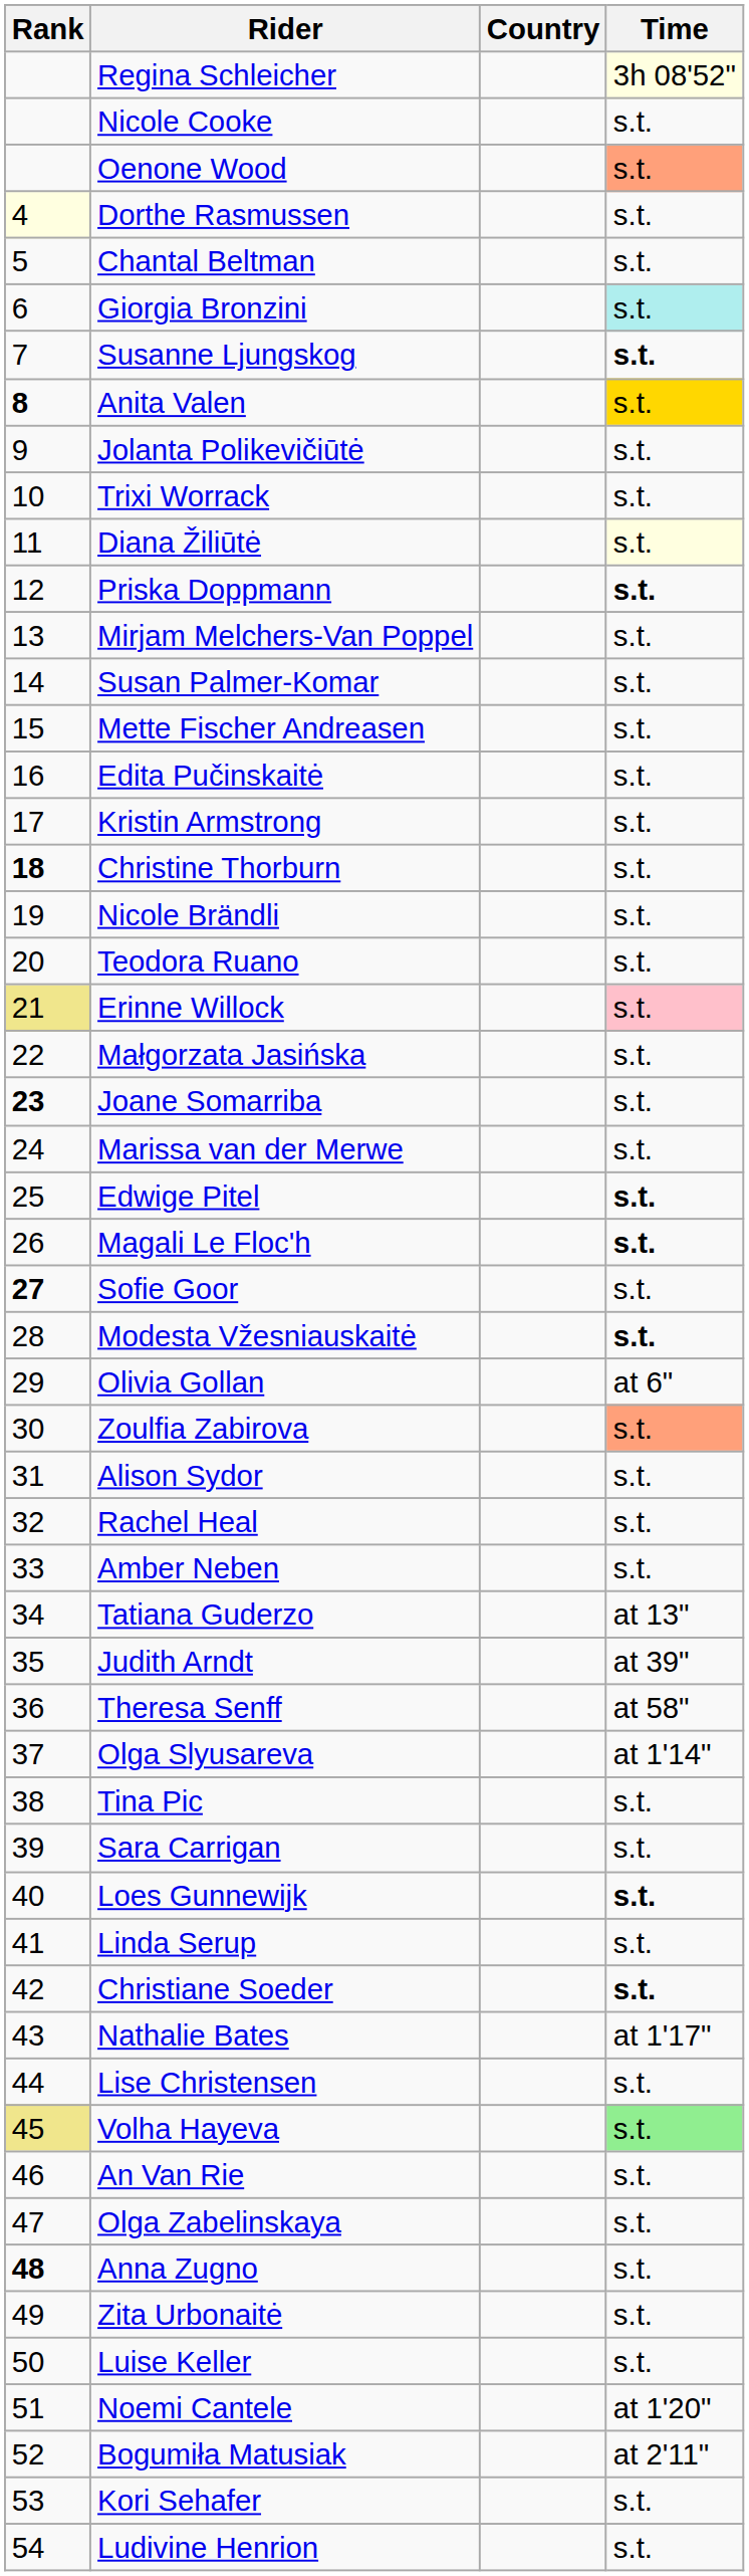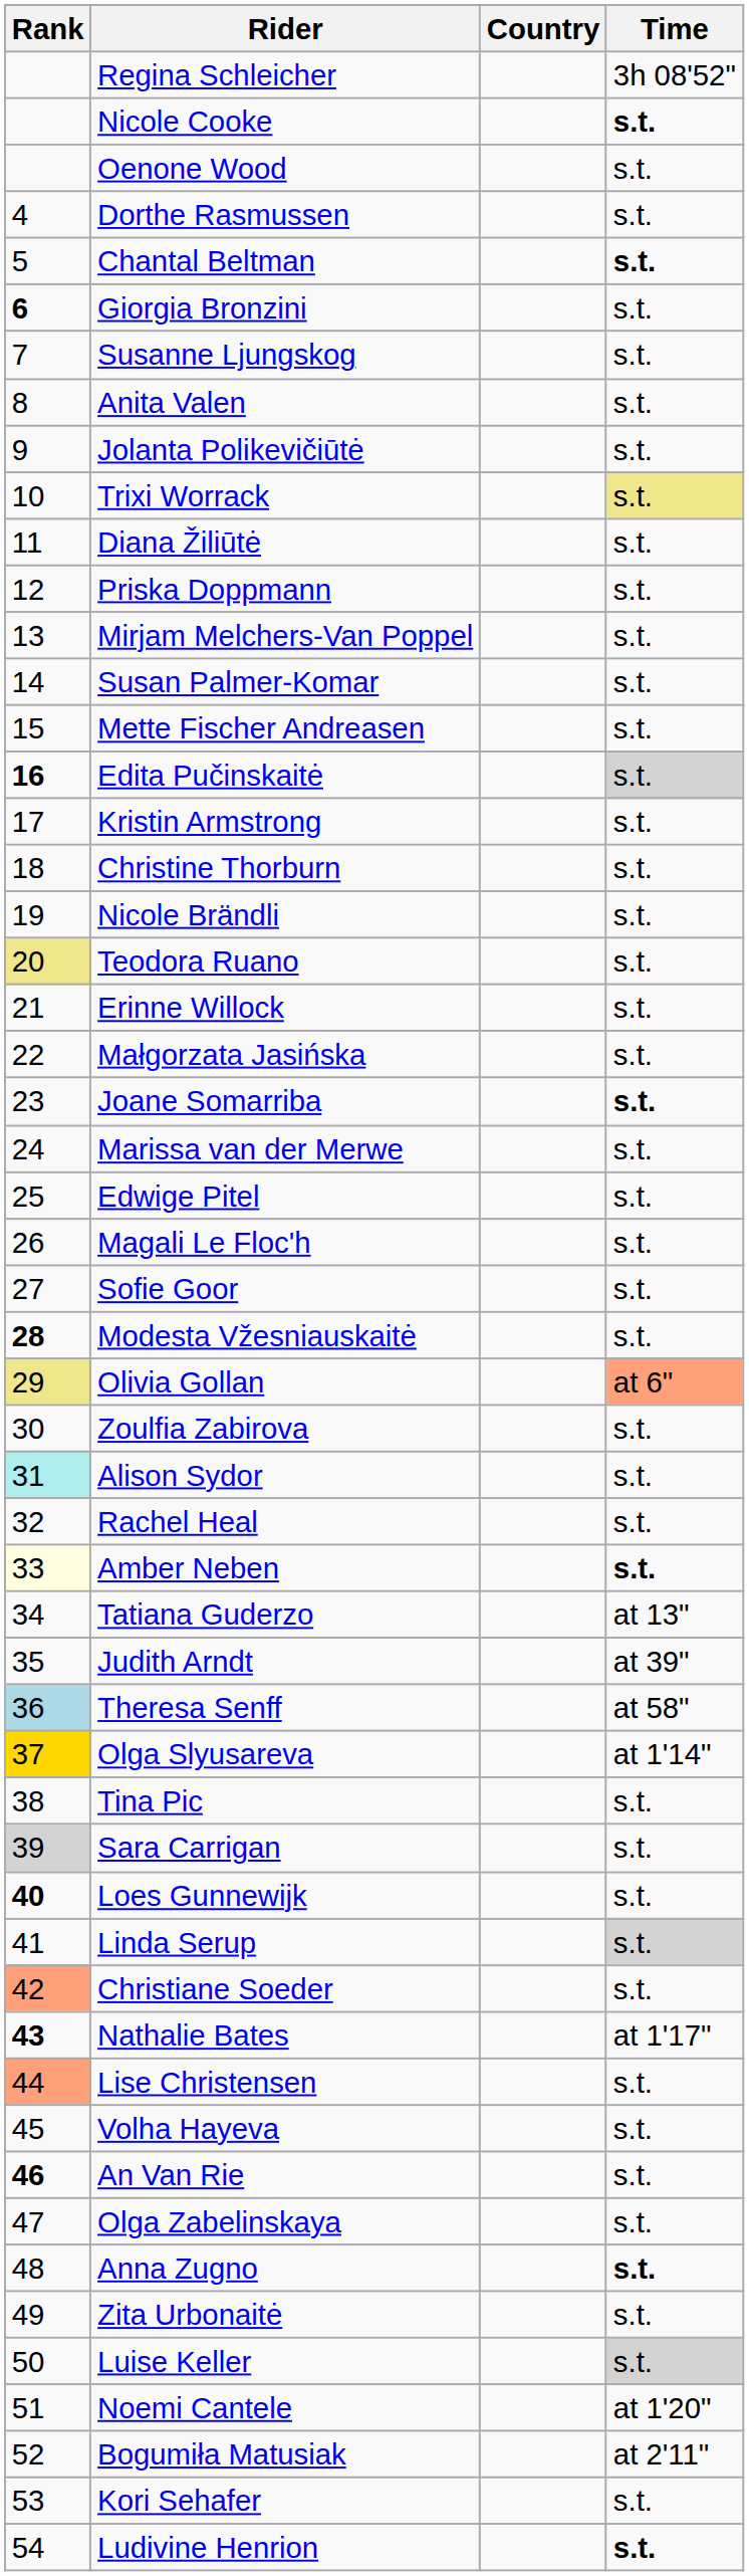 <table class="wikitable" style="font-size:95%; text-align:left;">
 <tr>
 <th>Rank</th>
 <th>Rider</th>
 <th>Country</th>
 <th>Time</th>
 </tr>
 <tr>
 <td></td>
 <td><a href='#'>Regina Schleicher</a></td>
 <td></td>
-<td style="background: lightyellow;">3h 08'52"</td>
+<td>3h 08'52"</td>
 </tr>
 <tr>
 <td></td>
 <td><a href='#'>Nicole Cooke</a></td>
 <td></td>
-<td>s.t.</td>
+<td><strong>s.t.</strong></td>
 </tr>
 <tr>
 <td></td>
 <td><a href='#'>Oenone Wood</a></td>
 <td></td>
-<td style="background: lightsalmon;">s.t.</td>
+<td>s.t.</td>
 </tr>
 <tr>
-<td style="background: lightyellow;">4</td>
+<td>4</td>
 <td><a href='#'>Dorthe Rasmussen</a></td>
 <td></td>
 <td>s.t.</td>
 </tr>
 <tr>
 <td>5</td>
 <td><a href='#'>Chantal Beltman</a></td>
 <td></td>
-<td>s.t.</td>
+<td><strong>s.t.</strong></td>
 </tr>
 <tr>
-<td>6</td>
+<td><strong>6</strong></td>
 <td><a href='#'>Giorgia Bronzini</a></td>
 <td></td>
-<td style="background: paleturquoise;">s.t.</td>
+<td>s.t.</td>
 </tr>
 <tr>
 <td>7</td>
 <td><a href='#'>Susanne Ljungskog</a></td>
 <td></td>
-<td><strong>s.t.</strong></td>
+<td>s.t.</td>
 </tr>
 <tr>
-<td><strong>8</strong></td>
+<td>8</td>
 <td><a href='#'>Anita Valen</a></td>
 <td></td>
-<td style="background: gold;">s.t.</td>
+<td>s.t.</td>
 </tr>
 <tr>
 <td>9</td>
 <td><a href='#'>Jolanta Polikevičiūtė</a></td>
 <td></td>
 <td>s.t.</td>
 </tr>
 <tr>
 <td>10</td>
 <td><a href='#'>Trixi Worrack</a></td>
 <td></td>
-<td>s.t.</td>
+<td style="background: khaki;">s.t.</td>
 </tr>
 <tr>
 <td>11</td>
 <td><a href='#'>Diana Žiliūtė</a></td>
 <td></td>
-<td style="background: lightyellow;">s.t.</td>
+<td>s.t.</td>
 </tr>
 <tr>
 <td>12</td>
 <td><a href='#'>Priska Doppmann</a></td>
 <td></td>
-<td><strong>s.t.</strong></td>
+<td>s.t.</td>
 </tr>
 <tr>
 <td>13</td>
 <td><a href='#'>Mirjam Melchers-Van Poppel</a></td>
 <td></td>
 <td>s.t.</td>
 </tr>
 <tr>
 <td>14</td>
 <td><a href='#'>Susan Palmer-Komar</a></td>
 <td></td>
 <td>s.t.</td>
 </tr>
 <tr>
 <td>15</td>
 <td><a href='#'>Mette Fischer Andreasen</a></td>
 <td></td>
 <td>s.t.</td>
 </tr>
 <tr>
-<td>16</td>
+<td><strong>16</strong></td>
 <td><a href='#'>Edita Pučinskaitė</a></td>
 <td></td>
-<td>s.t.</td>
+<td style="background: lightgrey;">s.t.</td>
 </tr>
 <tr>
 <td>17</td>
 <td><a href='#'>Kristin Armstrong</a></td>
 <td></td>
 <td>s.t.</td>
 </tr>
 <tr>
-<td><strong>18</strong></td>
+<td>18</td>
 <td><a href='#'>Christine Thorburn</a></td>
 <td></td>
 <td>s.t.</td>
 </tr>
 <tr>
 <td>19</td>
 <td><a href='#'>Nicole Brändli</a></td>
 <td></td>
 <td>s.t.</td>
 </tr>
 <tr>
-<td>20</td>
+<td style="background: khaki;">20</td>
 <td><a href='#'>Teodora Ruano</a></td>
 <td></td>
 <td>s.t.</td>
 </tr>
 <tr>
-<td style="background: khaki;">21</td>
+<td>21</td>
 <td><a href='#'>Erinne Willock</a></td>
 <td></td>
-<td style="background: pink;">s.t.</td>
+<td>s.t.</td>
 </tr>
 <tr>
 <td>22</td>
 <td><a href='#'>Małgorzata Jasińska</a></td>
 <td></td>
 <td>s.t.</td>
 </tr>
 <tr>
-<td><strong>23</strong></td>
+<td>23</td>
 <td><a href='#'>Joane Somarriba</a></td>
 <td></td>
-<td>s.t.</td>
+<td><strong>s.t.</strong></td>
 </tr>
 <tr>
 <td>24</td>
 <td><a href='#'>Marissa van der Merwe</a></td>
 <td></td>
 <td>s.t.</td>
 </tr>
 <tr>
 <td>25</td>
 <td><a href='#'>Edwige Pitel</a></td>
 <td></td>
-<td><strong>s.t.</strong></td>
+<td>s.t.</td>
 </tr>
 <tr>
 <td>26</td>
 <td><a href='#'>Magali Le Floc'h</a></td>
 <td></td>
-<td><strong>s.t.</strong></td>
+<td>s.t.</td>
 </tr>
 <tr>
-<td><strong>27</strong></td>
+<td>27</td>
 <td><a href='#'>Sofie Goor</a></td>
 <td></td>
 <td>s.t.</td>
 </tr>
 <tr>
-<td>28</td>
+<td><strong>28</strong></td>
 <td><a href='#'>Modesta Vžesniauskaitė</a></td>
 <td></td>
-<td><strong>s.t.</strong></td>
+<td>s.t.</td>
 </tr>
 <tr>
-<td>29</td>
+<td style="background: khaki;">29</td>
 <td><a href='#'>Olivia Gollan</a></td>
 <td></td>
-<td>at 6"</td>
+<td style="background: lightsalmon;">at 6"</td>
 </tr>
 <tr>
 <td>30</td>
 <td><a href='#'>Zoulfia Zabirova</a></td>
 <td></td>
-<td style="background: lightsalmon;">s.t.</td>
+<td>s.t.</td>
 </tr>
 <tr>
-<td>31</td>
+<td style="background: paleturquoise;">31</td>
 <td><a href='#'>Alison Sydor</a></td>
 <td></td>
 <td>s.t.</td>
 </tr>
 <tr>
 <td>32</td>
 <td><a href='#'>Rachel Heal</a></td>
 <td></td>
 <td>s.t.</td>
 </tr>
 <tr>
-<td>33</td>
+<td style="background: lightyellow;">33</td>
 <td><a href='#'>Amber Neben</a></td>
 <td></td>
-<td>s.t.</td>
+<td><strong>s.t.</strong></td>
 </tr>
 <tr>
 <td>34</td>
 <td><a href='#'>Tatiana Guderzo</a></td>
 <td></td>
 <td>at 13"</td>
 </tr>
 <tr>
 <td>35</td>
 <td><a href='#'>Judith Arndt</a></td>
 <td></td>
 <td>at 39"</td>
 </tr>
 <tr>
-<td>36</td>
+<td style="background: lightblue;">36</td>
 <td><a href='#'>Theresa Senff</a></td>
 <td></td>
 <td>at 58"</td>
 </tr>
 <tr>
-<td>37</td>
+<td style="background: gold;">37</td>
 <td><a href='#'>Olga Slyusareva</a></td>
 <td></td>
 <td>at 1'14"</td>
 </tr>
 <tr>
 <td>38</td>
 <td><a href='#'>Tina Pic</a></td>
 <td></td>
 <td>s.t.</td>
 </tr>
 <tr>
-<td>39</td>
+<td style="background: lightgrey;">39</td>
 <td><a href='#'>Sara Carrigan</a></td>
 <td></td>
 <td>s.t.</td>
 </tr>
 <tr>
-<td>40</td>
+<td><strong>40</strong></td>
 <td><a href='#'>Loes Gunnewijk</a></td>
 <td></td>
-<td><strong>s.t.</strong></td>
+<td>s.t.</td>
 </tr>
 <tr>
 <td>41</td>
 <td><a href='#'>Linda Serup</a></td>
 <td></td>
+<td style="background: lightgrey;">s.t.</td>
+</tr>
+<tr>
+<td style="background: lightsalmon;">42</td>
+<td><a href='#'>Christiane Soeder</a></td>
+<td></td>
 <td>s.t.</td>
 </tr>
 <tr>
-<td>42</td>
-<td><a href='#'>Christiane Soeder</a></td>
-<td></td>
-<td><strong>s.t.</strong></td>
-</tr>
-<tr>
-<td>43</td>
+<td><strong>43</strong></td>
 <td><a href='#'>Nathalie Bates</a></td>
 <td></td>
 <td>at 1'17"</td>
 </tr>
 <tr>
-<td>44</td>
+<td style="background: lightsalmon;">44</td>
 <td><a href='#'>Lise Christensen</a></td>
 <td></td>
 <td>s.t.</td>
 </tr>
 <tr>
-<td style="background: khaki;">45</td>
+<td>45</td>
 <td><a href='#'>Volha Hayeva</a></td>
 <td></td>
-<td style="background: lightgreen;">s.t.</td>
+<td>s.t.</td>
 </tr>
 <tr>
-<td>46</td>
+<td><strong>46</strong></td>
 <td><a href='#'>An Van Rie</a></td>
 <td></td>
 <td>s.t.</td>
 </tr>
 <tr>
 <td>47</td>
 <td><a href='#'>Olga Zabelinskaya</a></td>
 <td></td>
 <td>s.t.</td>
 </tr>
 <tr>
-<td><strong>48</strong></td>
+<td>48</td>
 <td><a href='#'>Anna Zugno</a></td>
 <td></td>
-<td>s.t.</td>
+<td><strong>s.t.</strong></td>
 </tr>
 <tr>
 <td>49</td>
 <td><a href='#'>Zita Urbonaitė</a></td>
 <td></td>
 <td>s.t.</td>
 </tr>
 <tr>
 <td>50</td>
 <td><a href='#'>Luise Keller</a></td>
 <td></td>
-<td>s.t.</td>
+<td style="background: lightgrey;">s.t.</td>
 </tr>
 <tr>
 <td>51</td>
 <td><a href='#'>Noemi Cantele</a></td>
 <td></td>
 <td>at 1'20"</td>
 </tr>
 <tr>
 <td>52</td>
 <td><a href='#'>Bogumiła Matusiak</a></td>
 <td></td>
 <td>at 2'11"</td>
 </tr>
 <tr>
 <td>53</td>
 <td><a href='#'>Kori Sehafer</a></td>
 <td></td>
 <td>s.t.</td>
 </tr>
 <tr>
 <td>54</td>
 <td><a href='#'>Ludivine Henrion</a></td>
 <td></td>
-<td>s.t.</td>
+<td><strong>s.t.</strong></td>
 </tr>
 </table>
